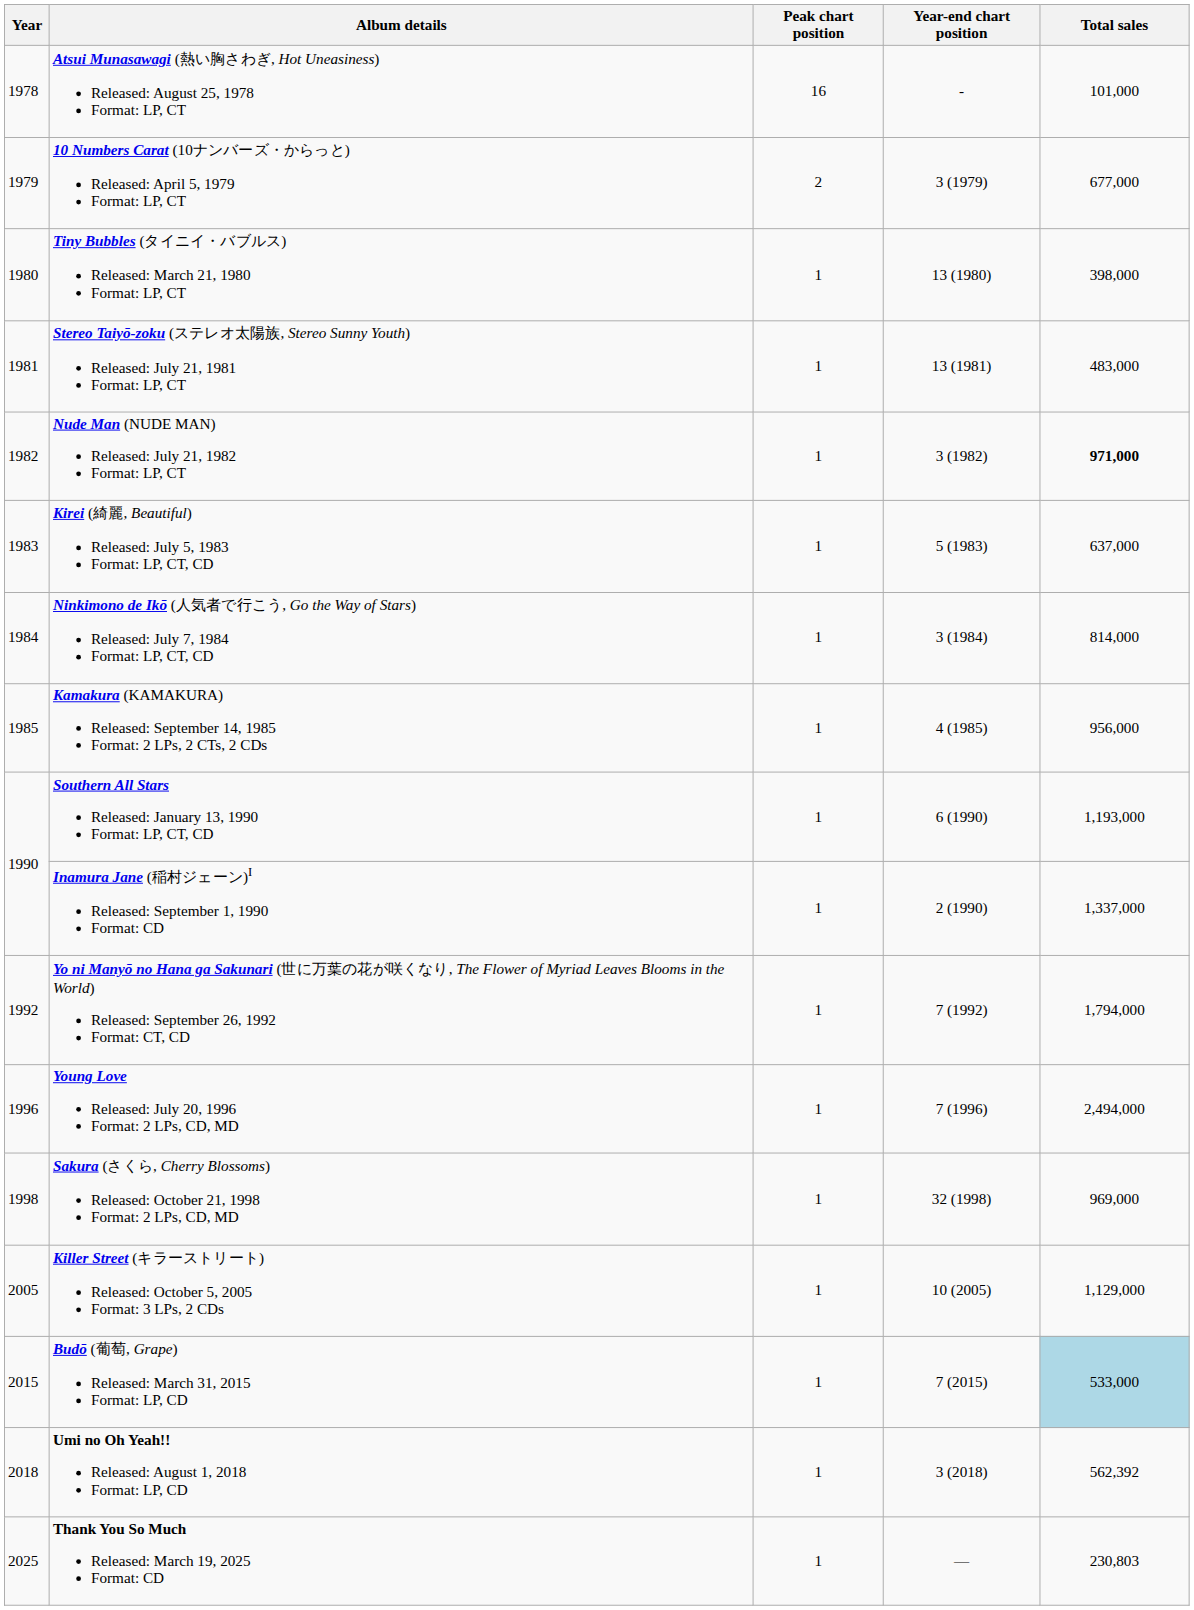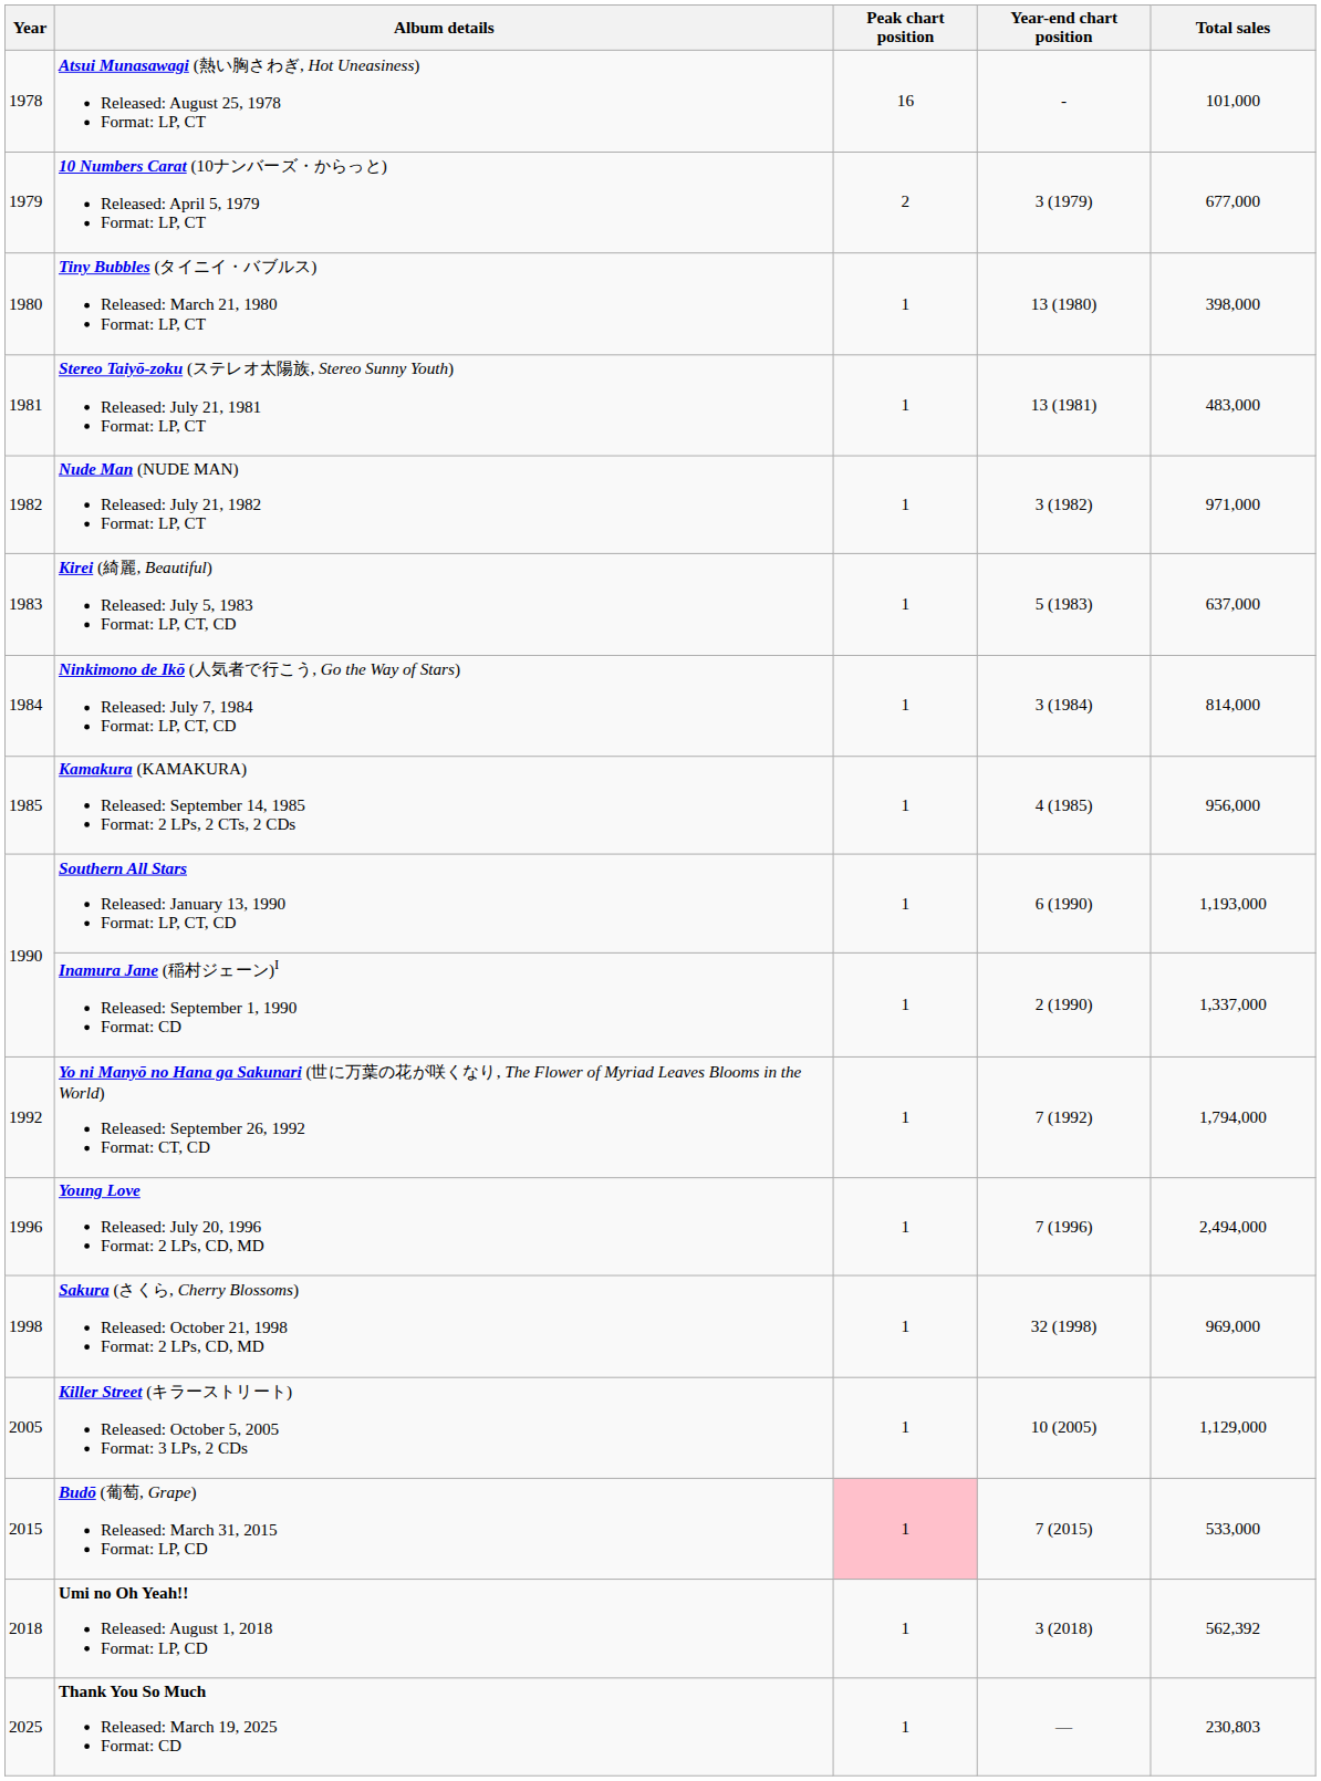 <table class="wikitable">
 <tr>
 <th width="40" rowspan="1">Year</th>
 <th rowspan="1">Album details</th>
 <th>Peak chart position</th>
 <th>Year-end chart position</th>
 <th width="150" rowspan="1">Total sales</th>
 </tr>
 <tr>
 <td rowspan="1">1978</td>
 <td><strong><em><a href='#'>Atsui Munasawagi</a></em></strong> (熱い胸さわぎ, <em>Hot Uneasiness</em>)<br><ul><li>Released: August 25, 1978</li><li>Format: LP, CT</li></ul></td>
 <td align="center">16</td>
 <td align="center">-</td>
 <td align="center">101,000</td>
 </tr>
 <tr>
 <td rowspan="1">1979</td>
 <td><strong><em><a href='#'>10 Numbers Carat</a></em></strong> (10ナンバーズ・からっと)<br><ul><li>Released: April 5, 1979</li><li>Format: LP, CT</li></ul></td>
 <td align="center">2</td>
 <td align="center">3 (1979)</td>
 <td align="center">677,000</td>
 </tr>
 <tr>
 <td rowspan="1">1980</td>
 <td><strong><em><a href='#'>Tiny Bubbles</a></em></strong> (タイニイ・バブルス)<br><ul><li>Released: March 21, 1980</li><li>Format: LP, CT</li></ul></td>
 <td align="center">1</td>
 <td align="center">13 (1980)</td>
 <td align="center">398,000</td>
 </tr>
 <tr>
 <td rowspan="1">1981</td>
 <td><strong><em><a href='#'>Stereo Taiyō-zoku</a></em></strong> (ステレオ太陽族, <em>Stereo Sunny Youth</em>)<br><ul><li>Released: July 21, 1981</li><li>Format: LP, CT</li></ul></td>
 <td align="center">1</td>
 <td align="center">13 (1981)</td>
 <td align="center">483,000</td>
 </tr>
 <tr>
 <td rowspan="1">1982</td>
 <td><strong><em><a href='#'>Nude Man</a></em></strong> (NUDE MAN)<br><ul><li>Released: July 21, 1982</li><li>Format: LP, CT</li></ul></td>
 <td align="center">1</td>
 <td align="center">3 (1982)</td>
-<td align="center"><strong>971,000</strong></td>
+<td align="center">971,000</td>
 </tr>
 <tr>
 <td rowspan="1">1983</td>
 <td><strong><em><a href='#'>Kirei</a></em></strong> (綺麗, <em>Beautiful</em>)<br><ul><li>Released: July 5, 1983</li><li>Format: LP, CT, CD</li></ul></td>
 <td align="center">1</td>
 <td align="center">5 (1983)</td>
 <td align="center">637,000</td>
 </tr>
 <tr>
 <td rowspan="1">1984</td>
 <td><strong><em><a href='#'>Ninkimono de Ikō</a></em></strong> (人気者で行こう, <em>Go the Way of Stars</em>)<br><ul><li>Released: July 7, 1984</li><li>Format: LP, CT, CD</li></ul></td>
 <td align="center">1</td>
 <td align="center">3 (1984)</td>
 <td align="center">814,000</td>
 </tr>
 <tr>
 <td rowspan="1">1985</td>
 <td><strong><em><a href='#'>Kamakura</a></em></strong> (KAMAKURA)<br><ul><li>Released: September 14, 1985</li><li>Format: 2 LPs, 2 CTs, 2 CDs</li></ul></td>
 <td align="center">1</td>
 <td align="center">4 (1985)</td>
 <td align="center">956,000</td>
 </tr>
 <tr>
 <td rowspan="2">1990</td>
 <td><strong><em><a href='#'>Southern All Stars</a></em></strong><br><ul><li>Released: January 13, 1990</li><li>Format: LP, CT, CD</li></ul></td>
 <td align="center">1</td>
 <td align="center">6 (1990)</td>
 <td align="center">1,193,000</td>
 </tr>
 <tr>
 <td><strong><em><a href='#'>Inamura Jane</a></em></strong> (稲村ジェーン)<sup>I</sup><br><ul><li>Released: September 1, 1990</li><li>Format: CD</li></ul></td>
 <td align="center">1</td>
 <td align="center">2 (1990)</td>
 <td align="center">1,337,000</td>
 </tr>
 <tr>
 <td rowspan="1">1992</td>
 <td><strong><em><a href='#'>Yo ni Manyō no Hana ga Sakunari</a></em></strong> (世に万葉の花が咲くなり, <em>The Flower of Myriad Leaves Blooms in the World</em>)<br><ul><li>Released: September 26, 1992</li><li>Format: CT, CD</li></ul></td>
 <td align="center">1</td>
 <td align="center">7 (1992)</td>
 <td align="center">1,794,000</td>
 </tr>
 <tr>
 <td rowspan="1">1996</td>
 <td><strong><em><a href='#'>Young Love</a></em></strong><br><ul><li>Released: July 20, 1996</li><li>Format: 2 LPs, CD, MD</li></ul></td>
 <td align="center">1</td>
 <td align="center">7 (1996)</td>
 <td align="center">2,494,000</td>
 </tr>
 <tr>
 <td rowspan="1">1998</td>
 <td><strong><em><a href='#'>Sakura</a></em></strong> (さくら, <em>Cherry Blossoms</em>)<br><ul><li>Released: October 21, 1998</li><li>Format: 2 LPs, CD, MD</li></ul></td>
 <td align="center">1</td>
 <td align="center">32 (1998)</td>
 <td align="center">969,000</td>
 </tr>
 <tr>
 <td rowspan="1">2005</td>
 <td><strong><em><a href='#'>Killer Street</a></em></strong> (キラーストリート)<br><ul><li>Released: October 5, 2005</li><li>Format: 3 LPs, 2 CDs</li></ul></td>
 <td align="center">1</td>
 <td align="center">10 (2005)</td>
 <td align="center">1,129,000</td>
 </tr>
 <tr>
 <td rowspan="1">2015</td>
 <td><strong><em><a href='#'>Budō</a></em></strong> (葡萄, <em>Grape</em>)<br><ul><li>Released: March 31, 2015</li><li>Format: LP, CD</li></ul></td>
-<td align="center">1</td>
+<td align="center" style="background: pink;">1</td>
 <td align="center">7 (2015)</td>
-<td align="center" style="background: lightblue;">533,000</td>
+<td align="center">533,000</td>
 </tr>
 <tr>
 <td>2018</td>
 <td><strong>Umi no Oh Yeah!!</strong><br><ul><li>Released: August 1, 2018</li><li>Format: LP, CD</li></ul></td>
 <td align="center">1</td>
 <td align="center">3 (2018)</td>
 <td align="center">562,392</td>
 </tr>
 <tr>
 <td>2025</td>
 <td><strong>Thank You So Much</strong><br><ul><li>Released: March 19, 2025</li><li>Format: CD</li></ul></td>
 <td align="center">1</td>
 <td align="center">—</td>
 <td align="center">230,803</td>
 </tr>
 </table>
